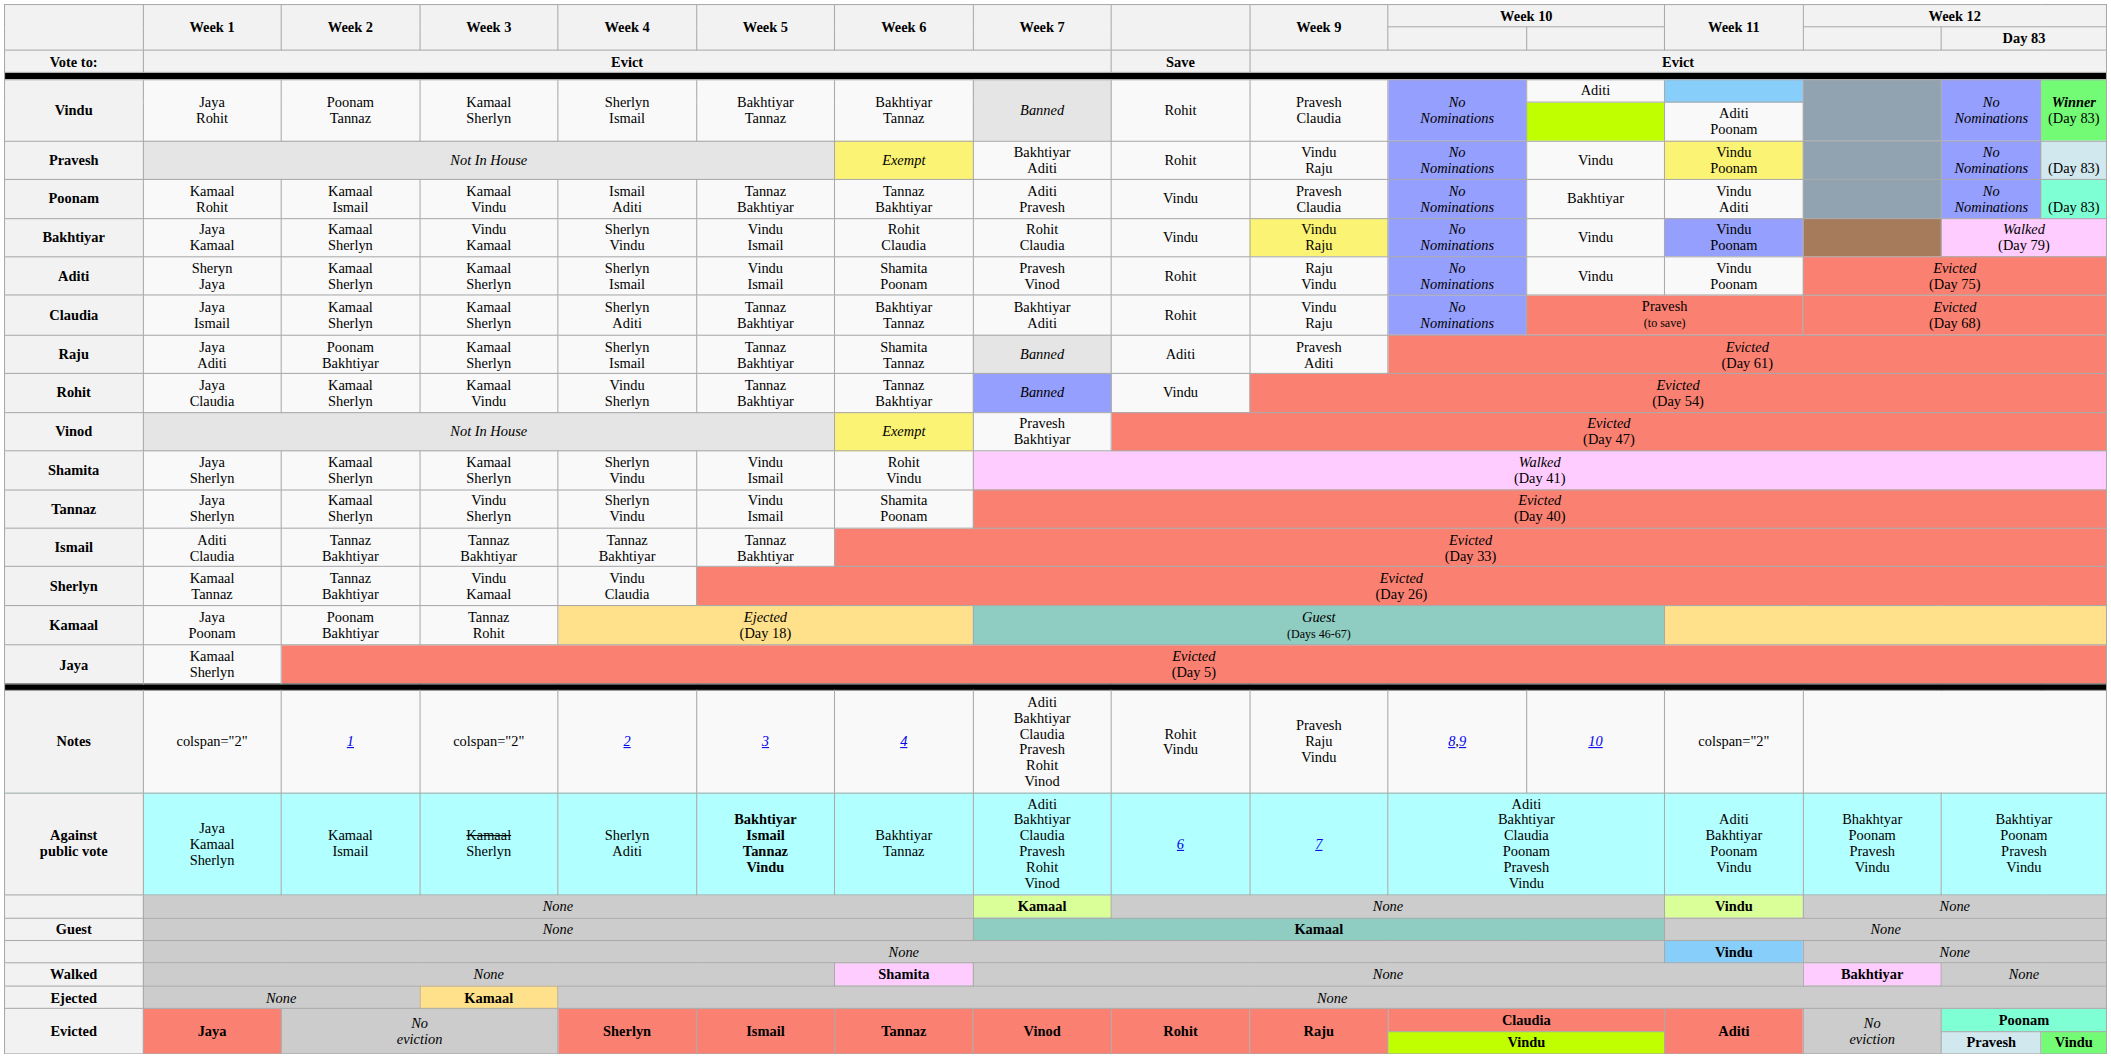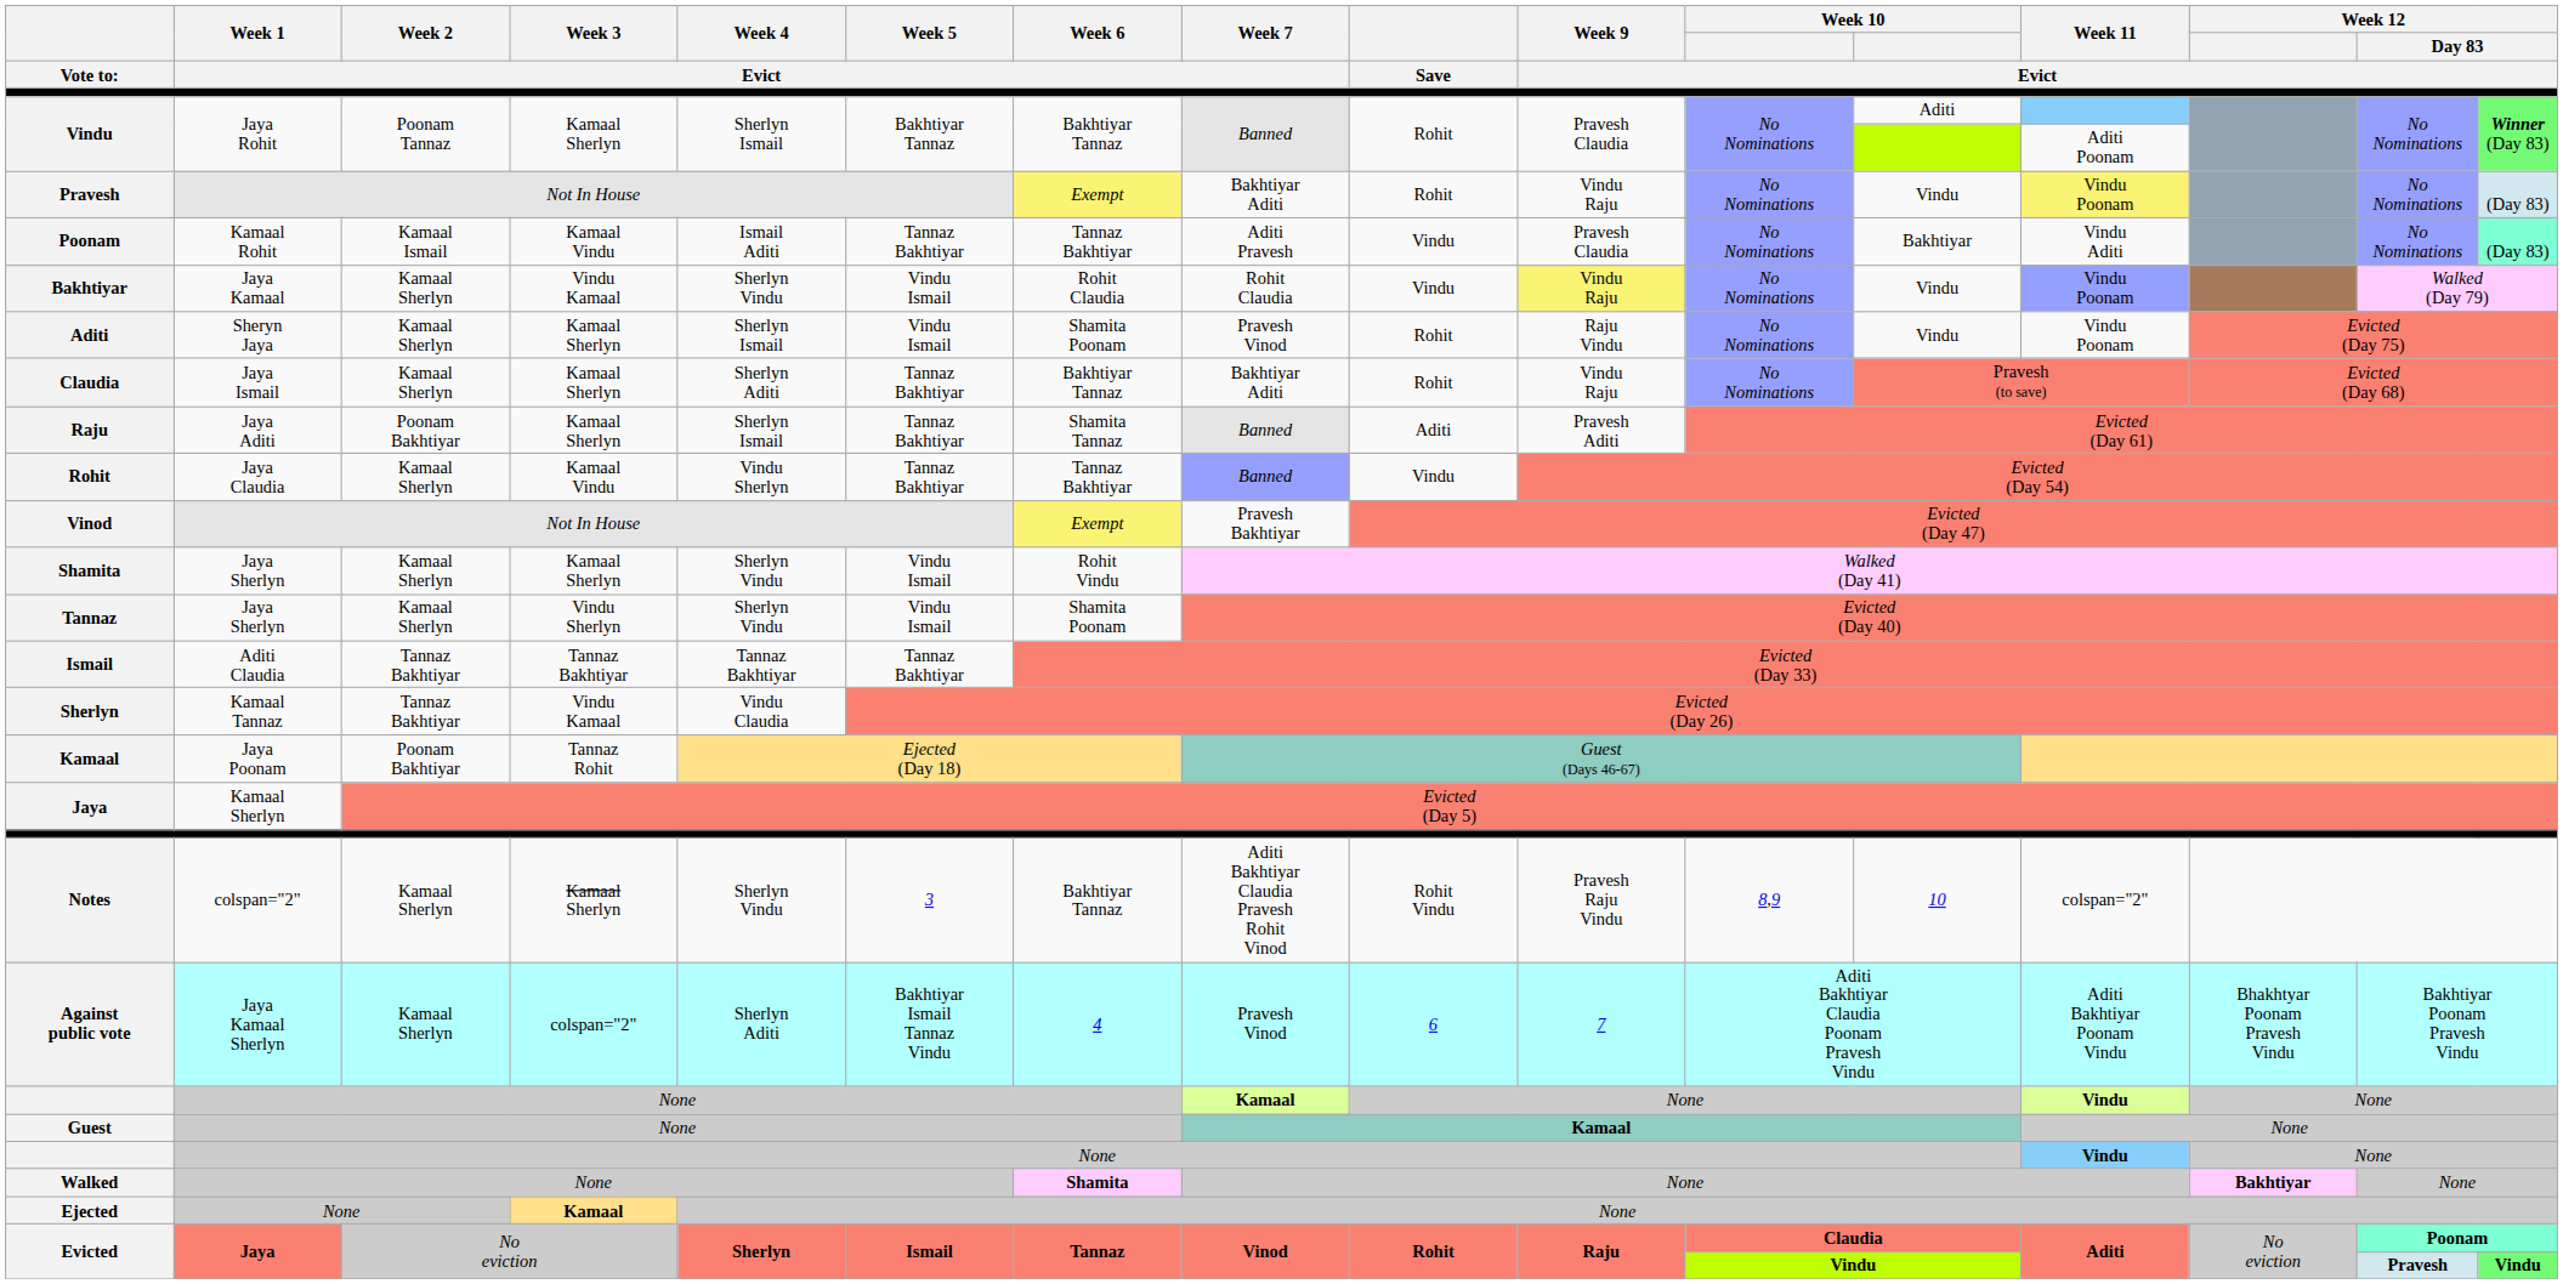 <table class="wikitable" style="text-align:center; width:100%; font-size:85%; line-height:15px;">
 <tr>
 <th rowspan="2" style="width:5%;"></th>
 <th rowspan="2" style="width:5%;">Week 1</th>
 <th rowspan="2" style="width:5%;">Week 2</th>
 <th rowspan="2" style="width:5%;">Week 3</th>
 <th rowspan="2" style="width:5%;">Week 4</th>
 <th rowspan="2" style="width:5%;">Week 5</th>
 <th rowspan="2" style="width:5%;">Week 6</th>
 <th rowspan="2" style="width:5%;">Week 7</th>
 <th rowspan="2" style="width:5%;"></th>
 <th rowspan="2" style="width:5%;">Week 9</th>
 <th colspan="2" style="width:5%;">Week 10</th>
 <th rowspan="2" style="width:5%;">Week 11</th>
 <th colspan="3" style="width:5%;" style="background:#FFD700;">Week 12</th>
 </tr>
 <tr>
 <th style="width:5%;"></th>
 <th style="width:5%;"></th>
 <th style="width:5%;"></th>
 <th colspan="2" style="width:5%;" style="background:#FFD700;">Day 83</th>
 </tr>
 <tr>
 <th>Vote to:</th>
 <th colspan="7">Evict</th>
 <th>Save</th>
 <th colspan="7">Evict</th>
 </tr>
 <tr>
 <th colspan="16" style="background:#000;"></th>
 </tr>
 <tr>
 <th rowspan="2">Vindu</th>
 <td rowspan="2">Jaya<br>Rohit</td>
 <td rowspan="2">Poonam<br>Tannaz</td>
 <td rowspan="2">Kamaal<br>Sherlyn</td>
 <td rowspan="2">Sherlyn<br>Ismail</td>
 <td rowspan="2">Bakhtiyar<br>Tannaz</td>
 <td rowspan="2">Bakhtiyar<br>Tannaz</td>
 <td rowspan="2" style="background:#E5E5E5;"><em>Banned</em></td>
 <td rowspan="2">Rohit</td>
 <td rowspan="2">Pravesh<br>Claudia</td>
 <td rowspan="2" style="background:#959FFD;"><em>No<br>Nominations</em></td>
 <td>Aditi</td>
 <td colspan="1" style="background:#87CEFA;"></td>
 <td rowspan="2" style="background:#91A3B0;"></td>
 <td rowspan="2" style="background:#959FFD;"><em>No<br>Nominations</em></td>
 <td colspan="1" rowspan="2" style="background:#73FB76; text-align:center"><strong><em>Winner</em></strong><br>(Day 83)</td>
 </tr>
 <tr>
 <td style="background:#BFFF00;"></td>
 <td>Aditi<br>Poonam</td>
 </tr>
 <tr>
 <th>Pravesh</th>
 <td colspan="5" style="background:#E5E5E5;"><em>Not In House</em></td>
 <td style="background:#FBF373;"><em>Exempt</em></td>
 <td>Bakhtiyar<br>Aditi</td>
 <td>Rohit</td>
 <td>Vindu<br>Raju</td>
 <td style="background:#959FFD;"><em>No<br>Nominations</em></td>
 <td>Vindu</td>
 <td style="background:#FBF373;">Vindu<br>Poonam</td>
 <td style="background:#91A3B0;"></td>
 <td style="background:#959FFD;"><em>No<br>Nominations</em></td>
 <td style="background:#D1E8EF;"><br>(Day 83)</td>
 </tr>
 <tr>
 <th>Poonam</th>
 <td>Kamaal<br>Rohit</td>
 <td>Kamaal<br>Ismail</td>
 <td>Kamaal<br>Vindu</td>
 <td>Ismail<br>Aditi</td>
 <td>Tannaz<br>Bakhtiyar</td>
 <td>Tannaz<br>Bakhtiyar</td>
 <td>Aditi<br>Pravesh</td>
 <td>Vindu</td>
 <td>Pravesh<br>Claudia</td>
 <td style="background:#959FFD;"><em>No<br>Nominations</em></td>
 <td>Bakhtiyar</td>
 <td>Vindu<br>Aditi</td>
 <td style="background:#91A3B0;"></td>
 <td style="background:#959FFD;"><em>No<br>Nominations</em></td>
 <td style="background:#7FFFD4;"><strong><em></em></strong><br>(Day 83)</td>
 </tr>
 <tr>
 <th>Bakhtiyar</th>
 <td>Jaya<br>Kamaal</td>
 <td>Kamaal<br>Sherlyn</td>
 <td>Vindu<br>Kamaal</td>
 <td>Sherlyn<br>Vindu</td>
 <td>Vindu<br>Ismail</td>
 <td>Rohit<br>Claudia</td>
 <td>Rohit<br>Claudia</td>
 <td>Vindu</td>
 <td style="background:#FBF373;">Vindu <br>Raju</td>
 <td style="background:#959FFD;"><em>No<br>Nominations</em></td>
 <td>Vindu</td>
 <td style="background:#959FFD;">Vindu<br>Poonam</td>
 <td style="background:#A67B5B;"></td>
 <td colspan="2" style="background:#FFCCFF;"><em>Walked</em><br>(Day 79)</td>
 </tr>
 <tr>
 <th>Aditi</th>
 <td>Sheryn<br>Jaya</td>
 <td>Kamaal<br>Sherlyn</td>
 <td>Kamaal<br>Sherlyn</td>
 <td>Sherlyn<br>Ismail</td>
 <td>Vindu<br>Ismail</td>
 <td>Shamita<br>Poonam</td>
 <td>Pravesh<br>Vinod</td>
 <td>Rohit</td>
 <td>Raju<br>Vindu</td>
 <td style="background:#959FFD;"><em>No<br>Nominations</em></td>
 <td>Vindu</td>
 <td>Vindu<br>Poonam</td>
 <td colspan="3" style="background:#fa8072;"><em>Evicted</em><br>(Day 75)</td>
 </tr>
 <tr>
 <th>Claudia</th>
 <td>Jaya<br>Ismail</td>
 <td>Kamaal<br>Sherlyn</td>
 <td>Kamaal<br>Sherlyn</td>
 <td>Sherlyn<br>Aditi</td>
 <td>Tannaz<br>Bakhtiyar</td>
 <td>Bakhtiyar<br>Tannaz</td>
 <td>Bakhtiyar<br>Aditi</td>
 <td>Rohit</td>
 <td>Vindu<br>Raju</td>
 <td style="background:#959FFD;"><em>No<br>Nominations</em></td>
 <td colspan="2" style="background:#FA8072;">Pravesh<br><small>(to save)</small></td>
 <td colspan="3" style="background:#fa8072;"><em>Evicted</em><br>(Day 68)</td>
 </tr>
 <tr>
 <th>Raju</th>
 <td>Jaya<br>Aditi</td>
 <td>Poonam<br>Bakhtiyar</td>
 <td>Kamaal<br>Sherlyn</td>
 <td>Sherlyn<br>Ismail</td>
 <td>Tannaz<br>Bakhtiyar</td>
 <td>Shamita<br>Tannaz</td>
 <td style="background:#E5E5E5;"><em>Banned</em></td>
 <td>Aditi</td>
 <td>Pravesh<br>Aditi</td>
 <td colspan="6" style="background:#fa8072;"><em>Evicted</em><br>(Day 61)</td>
 </tr>
 <tr>
 <th>Rohit</th>
 <td>Jaya<br>Claudia</td>
 <td>Kamaal<br>Sherlyn</td>
 <td>Kamaal<br>Vindu</td>
 <td>Vindu<br>Sherlyn</td>
 <td>Tannaz<br>Bakhtiyar</td>
 <td>Tannaz<br>Bakhtiyar</td>
 <td style="background:#959FFD;"><em>Banned</em></td>
 <td>Vindu</td>
 <td colspan="7" style="background:#fa8072;"><em>Evicted</em><br>(Day 54)</td>
 </tr>
 <tr>
 <th>Vinod</th>
 <td colspan="5" style="background:#E5E5E5;"><em>Not In House</em></td>
 <td style="background:#FBF373;"><em>Exempt</em></td>
 <td>Pravesh<br>Bakhtiyar</td>
 <td colspan="8" style="background:#fa8072;"><em>Evicted</em><br>(Day 47)</td>
 </tr>
 <tr>
 <th>Shamita</th>
 <td>Jaya<br>Sherlyn</td>
 <td>Kamaal<br>Sherlyn</td>
 <td>Kamaal<br>Sherlyn</td>
 <td>Sherlyn<br>Vindu</td>
 <td>Vindu<br>Ismail</td>
 <td>Rohit<br>Vindu</td>
 <td colspan="9" style="background:#FFCCFF;"><em>Walked</em><br>(Day 41)</td>
 </tr>
 <tr>
 <th>Tannaz</th>
 <td>Jaya<br>Sherlyn</td>
 <td>Kamaal<br>Sherlyn</td>
 <td>Vindu<br>Sherlyn</td>
 <td>Sherlyn<br>Vindu</td>
 <td>Vindu<br>Ismail</td>
 <td>Shamita<br>Poonam</td>
 <td colspan="9" style="background:#fa8072;"><em>Evicted</em><br>(Day 40)</td>
 </tr>
 <tr>
 <th>Ismail</th>
 <td>Aditi<br>Claudia</td>
 <td>Tannaz<br>Bakhtiyar</td>
 <td>Tannaz<br>Bakhtiyar</td>
 <td>Tannaz<br>Bakhtiyar</td>
 <td>Tannaz<br>Bakhtiyar</td>
 <td colspan="10" style="background:#fa8072;"><em>Evicted</em><br>(Day 33)</td>
 </tr>
 <tr>
 <th>Sherlyn</th>
 <td>Kamaal<br>Tannaz</td>
 <td>Tannaz<br>Bakhtiyar</td>
 <td>Vindu<br>Kamaal</td>
 <td>Vindu<br>Claudia</td>
 <td colspan="11" style="background:#fa8072;"><em>Evicted</em><br>(Day 26)</td>
 </tr>
 <tr>
 <th>Kamaal</th>
 <td>Jaya<br>Poonam</td>
 <td>Poonam<br>Bakhtiyar</td>
 <td>Tannaz<br>Rohit</td>
 <td colspan="3" style="background:#FFE08B;"><em>Ejected</em><br>(Day 18)</td>
 <td colspan="5" style="background:#8FCCC1;"><em>Guest</em><br><small>(Days 46-67)</small></td>
 <td colspan="4" style="background:#FFE08B;"></td>
 </tr>
 <tr>
 <th>Jaya</th>
 <td>Kamaal<br>Sherlyn</td>
 <td colspan="14" style="background:#fa8072;"><em>Evicted</em><br>(Day 5)</td>
 </tr>
 <tr>
 <th colspan="16" style="background:#000;"></th>
 </tr>
 <tr>
 <th>Notes</th>
 <td>colspan="2" </td>
-<td><em><a href='#'>1</a></em></td>
-<td>colspan="2" </td>
-<td><em><a href='#'>2</a></em></td>
+<td>Kamaal<br>Sherlyn</td>
+<td><s>Kamaal</s><br>Sherlyn</td>
+<td>Sherlyn<br>Vindu</td>
 <td><em><a href='#'>3</a></em></td>
-<td><em><a href='#'>4</a></em></td>
+<td>Bakhtiyar<br>Tannaz</td>
 <td>Aditi<br>Bakhtiyar<br>Claudia<br>Pravesh<br>Rohit<br>Vinod</td>
 <td>Rohit<br>Vindu</td>
 <td>Pravesh<br>Raju<br>Vindu</td>
 <td><em><a href='#'>8</a></em>,<em><a href='#'>9</a></em></td>
 <td><em><a href='#'>10</a></em></td>
 <td>colspan="2" </td>
 </tr>
 <tr style="background:#B2FFFF">
 <th>Against<br>public vote</th>
 <td>Jaya<br>Kamaal<br>Sherlyn</td>
-<td>Kamaal<br>Ismail</td>
-<td><s>Kamaal</s><br>Sherlyn</td>
+<td>Kamaal<br>Sherlyn</td>
+<td>colspan="2" </td>
 <td>Sherlyn<br>Aditi</td>
-<td><strong>Bakhtiyar<br>Ismail<br>Tannaz<br>Vindu</strong></td>
-<td>Bakhtiyar<br>Tannaz</td>
-<td>Aditi<br>Bakhtiyar<br>Claudia<br>Pravesh<br>Rohit<br>Vinod</td>
+<td>Bakhtiyar<br>Ismail<br>Tannaz<br>Vindu</td>
+<td><em><a href='#'>4</a></em></td>
+<td>Pravesh<br>Vinod</td>
 <td><em><a href='#'>6</a></em></td>
 <td><em><a href='#'>7</a></em></td>
 <td colspan="2">Aditi<br>Bakhtiyar<br>Claudia<br>Poonam<br>Pravesh<br>Vindu</td>
 <td>Aditi<br>Bakhtiyar<br>Poonam<br>Vindu</td>
 <td>Bhakhtyar<br>Poonam<br>Pravesh<br>Vindu</td>
 <td colspan="2">Bakhtiyar<br>Poonam<br>Pravesh<br>Vindu</td>
 </tr>
 <tr>
 <th></th>
 <td colspan="6" style="background:#ccc;"><em>None</em></td>
 <td style="background:#DAFF99;"><strong>Kamaal</strong></td>
 <td colspan="4" style="background:#ccc;"><em>None</em></td>
 <td style="background:#DAFF99;"><strong>Vindu</strong></td>
 <td colspan="3" style="background:#ccc;"><em>None</em></td>
 </tr>
 <tr>
 <th>Guest</th>
 <td colspan="6" style="background:#ccc;"><em>None</em></td>
 <td colspan="5" style="background:#8FCCC1;"><strong>Kamaal</strong></td>
 <td colspan="4" style="background:#ccc;"><em>None</em></td>
 </tr>
 <tr>
 <th></th>
 <td colspan="11" style="background:#ccc;"><em>None</em></td>
 <td style="background:#87CEFA;"><strong>Vindu</strong></td>
 <td colspan="3" style="background:#ccc;"><em>None</em></td>
 </tr>
 <tr>
 <th>Walked</th>
 <td colspan="5" style="background:#ccc;"><em>None</em></td>
 <td style="background:#fcf;"><strong>Shamita</strong></td>
 <td colspan="6" style="background:#ccc;"><em>None</em></td>
 <td style="background:#fcf;"><strong>Bakhtiyar</strong></td>
 <td colspan="2" style="background:#ccc;"><em>None</em></td>
 </tr>
 <tr>
 <th>Ejected</th>
 <td colspan="2" style="background:#ccc;"><em>None</em></td>
 <td style="background:#FFE08B; text-align:center"><strong>Kamaal</strong></td>
 <td colspan="12" style="background:#ccc;"><em>None</em></td>
 </tr>
 <tr>
 <th rowspan="2">Evicted</th>
 <td rowspan="2" style="background:#FA8072;"><strong>Jaya</strong></td>
 <td colspan="2" rowspan="2" style="background:#ccc;"><em>No<br>eviction</em></td>
 <td rowspan="2" style="background:#FA8072;"><strong>Sherlyn</strong></td>
 <td rowspan="2" style="background:#FA8072;"><strong>Ismail</strong></td>
 <td rowspan="2" style="background:#FA8072;"><strong>Tannaz</strong></td>
 <td rowspan="2" style="background:#FA8072;"><strong>Vinod</strong></td>
 <td rowspan="2" style="background:#FA8072;"><strong>Rohit</strong></td>
 <td rowspan="2" style="background:#FA8072;"><strong>Raju</strong></td>
 <td colspan="2" style="background:#FA8072;"><strong>Claudia</strong></td>
 <td rowspan="2" style="background:#FA8072;"><strong>Aditi</strong></td>
 <td rowspan="2" style="background:#ccc;"><em>No<br>eviction</em></td>
 <td colspan="2" style="background:#7FFFD4;"><strong>Poonam</strong></td>
 </tr>
 <tr>
 <td colspan="2" style="background:#BFFF00;"><strong>Vindu</strong></td>
 <td style="background:#D1E8EF;"><strong>Pravesh</strong></td>
 <td style="background:#73FB76;"><strong>Vindu</strong></td>
 </tr>
 </table>
